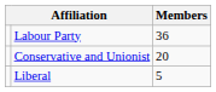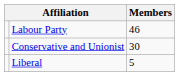 <table class="wikitable">
 <tr>
 <th colspan="2">Affiliation</th>
 <th>Members</th>
 </tr>
 <tr>
 <td style="color:inherit;background:"></td>
 <td><a href='#'>Labour Party</a></td>
-<td>36</td>
+<td>46</td>
 </tr>
 <tr>
 <td style="color:inherit;background:"></td>
 <td><a href='#'>Conservative and Unionist</a></td>
-<td>20</td>
+<td>30</td>
 </tr>
 <tr>
 <td style="background-color: "></td>
 <td><a href='#'>Liberal</a></td>
 <td>5</td>
 </tr>
 </table>
